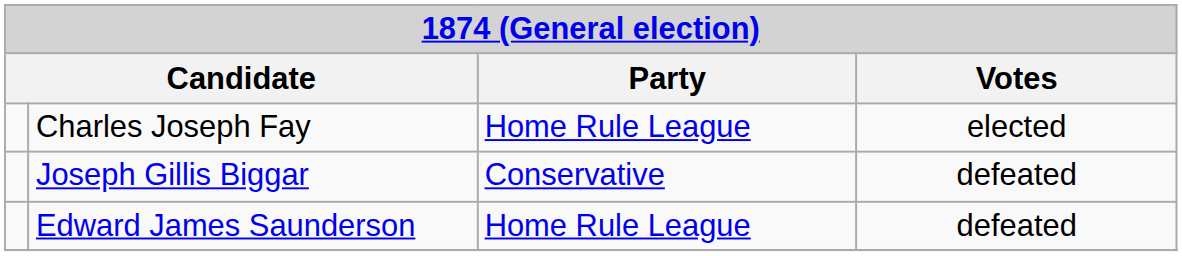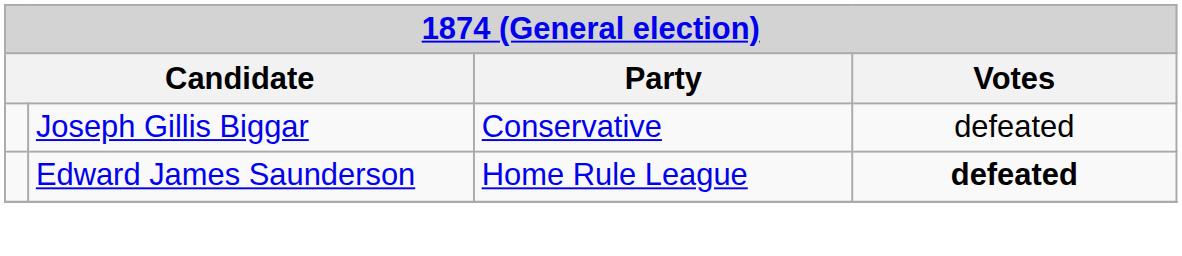 <table class="wikitable">
 <tr>
 <th style="background-color: #D3D3D3" center colspan="4"><strong><a href='#'>1874 (General election)</a></strong></th>
 </tr>
 <tr>
 <th width="15%" colspan="2">Candidate</th>
 <th width="10%">Party</th>
 <th width="10%">Votes</th>
 </tr>
 <tr>
 <td style="background-color: "></td>
-<td>Charles Joseph Fay</td>
-<td><a href='#'>Home Rule League</a></td>
-<td align=center>elected</td>
-</tr>
-<tr>
-<td style="background-color: "></td>
 <td><a href='#'>Joseph Gillis Biggar</a></td>
 <td><a href='#'>Conservative</a></td>
 <td align=center>defeated</td>
 </tr>
 <tr>
 <td style="background-color: "></td>
 <td><a href='#'>Edward James Saunderson</a></td>
 <td><a href='#'>Home Rule League</a></td>
-<td align=center>defeated</td>
+<td align=center><strong>defeated</strong></td>
 </tr>
 <tr>
 </tr>
 </table>
